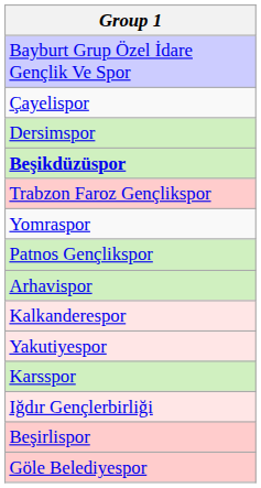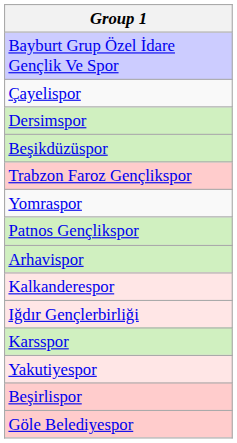 <table class="wikitable collapsible collapsed" style="font-size:95%;">
 <tr>
 <th colspan="1" width="200"><em>Group 1</em></th>
 </tr>
 <tr>
 <td style="background:#ccccff;"><a href='#'>Bayburt Grup Özel İdare Gençlik Ve Spor</a></td>
 </tr>
 <tr>
 <td><a href='#'>Çayelispor</a></td>
 </tr>
 <tr>
 <td style="background:#D0F0C0;"><a href='#'>Dersimspor</a></td>
 </tr>
 <tr>
-<td style="background:#D0F0C0;"><strong><a href='#'>Beşikdüzüspor</a></strong></td>
+<td style="background:#D0F0C0;"><a href='#'>Beşikdüzüspor</a></td>
 </tr>
 <tr>
 <td style="background:#fcc;"><a href='#'>Trabzon Faroz Gençlikspor</a></td>
 </tr>
 <tr>
 <td><a href='#'>Yomraspor</a></td>
 </tr>
 <tr>
 <td style="background:#D0F0C0;"><a href='#'>Patnos Gençlikspor</a></td>
 </tr>
 <tr>
 <td style="background:#D0F0C0;"><a href='#'>Arhavispor</a></td>
 </tr>
 <tr>
 <td style="background:#FFE6E6;"><a href='#'>Kalkanderespor</a></td>
 </tr>
 <tr>
-<td style="background:#FFE6E6;"><a href='#'>Yakutiyespor</a></td>
+<td style="background:#FFE6E6;"><a href='#'>Iğdır Gençlerbirliği</a></td>
 </tr>
 <tr>
 <td style="background:#D0F0C0;"><a href='#'>Karsspor</a></td>
 </tr>
 <tr>
-<td style="background:#FFE6E6;"><a href='#'>Iğdır Gençlerbirliği</a></td>
+<td style="background:#FFE6E6;"><a href='#'>Yakutiyespor</a></td>
 </tr>
 <tr>
 <td style="background:#fcc;"><a href='#'>Beşirlispor</a></td>
 </tr>
 <tr>
 <td style="background:#fcc;"><a href='#'>Göle Belediyespor</a></td>
 </tr>
 </table>
